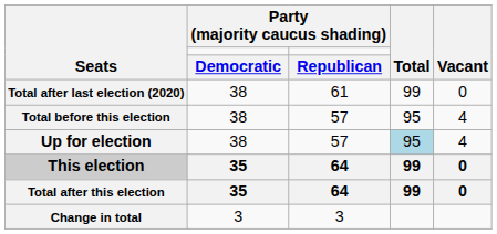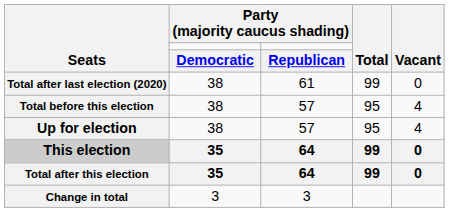 <table class=wikitable style="text-align:center">
 <tr style="vertical-align:bottom;">
 <th rowspan=3 colspan=2>Seats</th>
 <th colspan=2>Party <div>(majority caucus shading)</div></th>
 <th rowspan=3>Total</th>
 <th rowspan=3>Vacant</th>
 </tr>
 <tr style="height:5px">
 <td style="background-color:"></td>
 <td style="background-color:"></td>
 </tr>
 <tr>
 <th><a href='#'>Democratic</a></th>
 <th><a href='#'>Republican</a></th>
 </tr>
 <tr>
 <th nowrap style="font-size:80%" colspan=2>Total after last election (2020)</th>
 <td>38</td>
 <td>61</td>
 <td>99</td>
 <td>0</td>
 </tr>
 <tr>
 <th nowrap style="font-size:80%" colspan=2>Total before this election</th>
 <td>38</td>
 <td>57</td>
 <td>95</td>
 <td>4</td>
 </tr>
 <tr>
 <th colspan=2>Up for election</th>
 <td>38</td>
 <td>57</td>
-<td style="background: lightblue;">95</td>
+<td>95</td>
 <td>4</td>
 </tr>
 <tr>
 <th style="background:#ccc" colspan=2>This election</th>
 <th>35</th>
 <th>64</th>
 <th>99</th>
 <th>0</th>
 </tr>
 <tr>
 <th nowrap style="font-size:80%" colspan=2>Total after this election</th>
 <th>35</th>
 <th>64</th>
 <th>99</th>
 <th>0</th>
 </tr>
 <tr>
 <th nowrap style="font-size:80%"  colspan=2>Change in total</th>
 <td> 3</td>
 <td> 3</td>
 <td></td>
 <td></td>
 </tr>
 </table>
